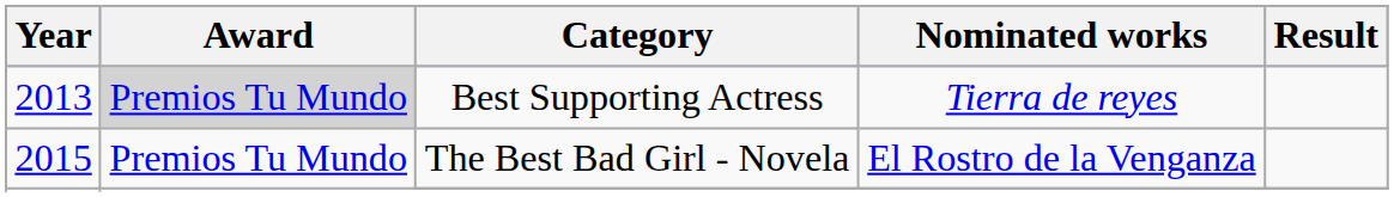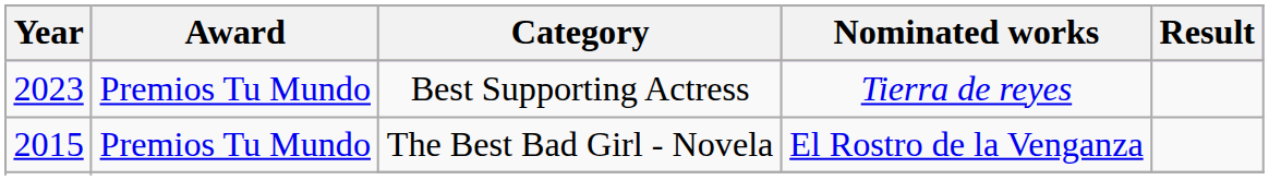 <table class="wikitable plainrowheaders" style="text-align:center;">
 <tr style="background:#96c;">
 <th scope="col">Year</th>
 <th scope="col">Award</th>
 <th scope="col">Category</th>
 <th scope="col">Nominated works</th>
 <th scope="col">Result</th>
 </tr>
 <tr>
-<td><a href='#'>2013</a></td>
-<td style="background: lightgrey;"><a href='#'>Premios Tu Mundo</a></td>
+<td><a href='#'>2023</a></td>
+<td><a href='#'>Premios Tu Mundo</a></td>
 <td>Best Supporting Actress</td>
 <td rowspan="1"><em><a href='#'>Tierra de reyes</a></em></td>
 <td></td>
 </tr>
 <tr>
 <td scope="row" rowspan="6"><a href='#'>2015</a></td>
 <td rowspan="2"><a href='#'>Premios Tu Mundo</a></td>
 <td scope="row">The Best Bad Girl - Novela</td>
 <td><a href='#'>El Rostro de la Venganza</a></td>
 <td></td>
 </tr>
 <tr>
 </tr>
 </table>
